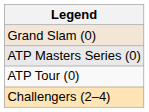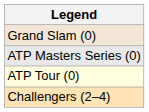 <table class=wikitable>
 <tr>
 <th>Legend</th>
 </tr>
 <tr bgcolor=#f3e6d7>
 <td>Grand Slam (0)</td>
 </tr>
 <tr bgcolor=#e9e9e9>
 <td>ATP Masters Series (0)</td>
 </tr>
 <tr>
-<td>ATP Tour (0)</td>
+<td style="background: lightyellow;">ATP Tour (0)</td>
 </tr>
 <tr bgcolor=moccasin>
 <td>Challengers (2–4)</td>
 </tr>
 </table>
